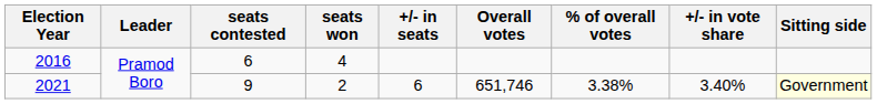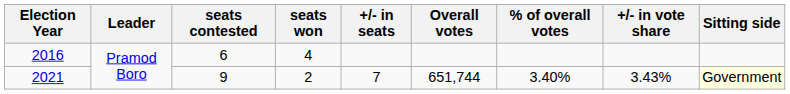 <table class="wikitable sortable" style="text-align:center;">
 <tr>
 <th Style="background-color:">Election Year</th>
 <th style="background-color:">Leader</th>
 <th style="background-color:">seats contested</th>
 <th style="background-color:">seats won</th>
 <th style="background-color:">+/- in seats</th>
 <th style="background-color:">Overall votes</th>
 <th Style="background-color:">% of overall votes</th>
 <th Style="background-color:">+/- in vote share</th>
 <th Style="background-color:">Sitting side</th>
 </tr>
 <tr>
 <td><a href='#'>2016</a></td>
 <td rowspan=2><a href='#'>Pramod Boro</a></td>
 <td>6</td>
 <td>4</td>
 <td></td>
 <td></td>
 <td></td>
 <td></td>
 <td></td>
 </tr>
 <tr>
 <td><a href='#'>2021</a></td>
 <td>9</td>
 <td>2</td>
-<td>6</td>
-<td>651,746</td>
-<td>3.38%</td>
+<td>7</td>
+<td>651,744</td>
 <td>3.40%</td>
+<td>3.43%</td>
 <td style="background: lightyellow;">Government</td>
 </tr>
 </table>
